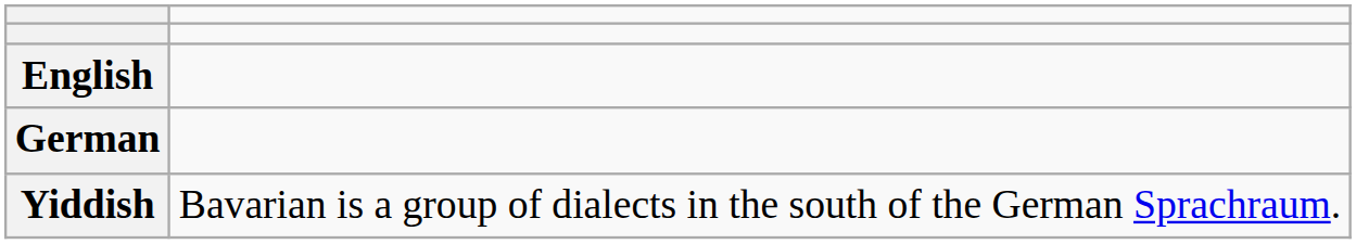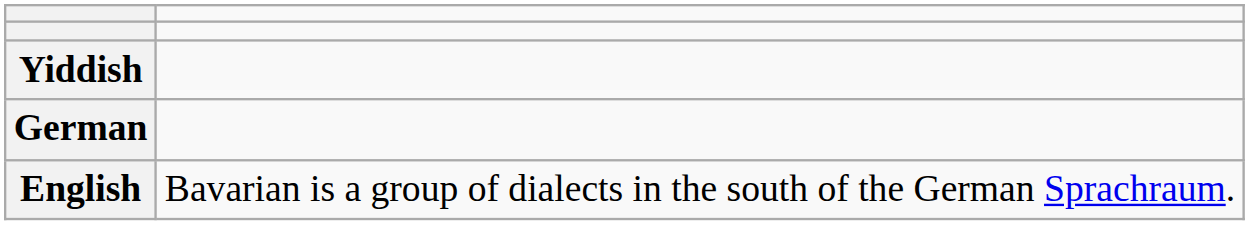 <table class="wikitable">
 <tr>
 <th></th>
 <td></td>
 </tr>
 <tr>
 <th></th>
 <td></td>
 </tr>
 <tr>
-<th>English</th>
+<th>Yiddish</th>
 <td><br></td>
 </tr>
 <tr>
 <th>German</th>
 <td></td>
 </tr>
 <tr>
-<th>Yiddish</th>
+<th>English</th>
 <td>Bavarian is a group of dialects in the south of the German <a href='#'>Sprachraum</a>.</td>
 </tr>
 </table>
